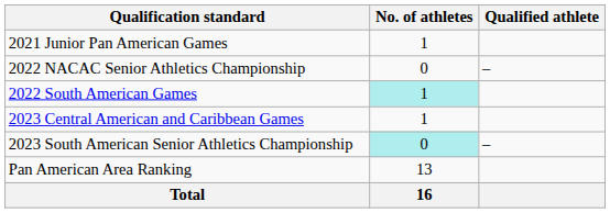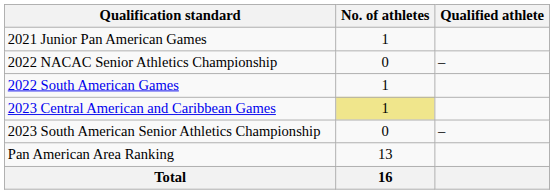 <table class="wikitable" style="text-align:left; width:600px;">
 <tr>
 <th>Qualification standard</th>
 <th>No. of athletes</th>
 <th>Qualified athlete</th>
 </tr>
 <tr>
 <td>2021 Junior Pan American Games</td>
 <td align=center>1</td>
 <td></td>
 </tr>
 <tr>
 <td>2022 NACAC Senior Athletics Championship</td>
 <td align=center>0</td>
 <td>–</td>
 </tr>
 <tr>
 <td><a href='#'>2022 South American Games</a></td>
-<td align=center style="background: paleturquoise;">1</td>
+<td align=center>1</td>
 <td></td>
 </tr>
 <tr>
 <td><a href='#'>2023 Central American and Caribbean Games</a></td>
-<td align=center>1</td>
+<td align=center style="background: khaki;">1</td>
 <td></td>
 </tr>
 <tr>
 <td>2023 South American Senior Athletics Championship</td>
-<td align=center style="background: paleturquoise;">0</td>
+<td align=center>0</td>
 <td>–</td>
 </tr>
 <tr>
 <td>Pan American Area Ranking</td>
 <td align=center>13</td>
 <td></td>
 </tr>
 <tr>
 <th>Total</th>
 <th>16</th>
 <th colspan=2></th>
 </tr>
 </table>
